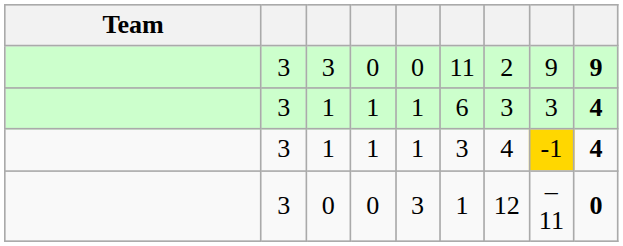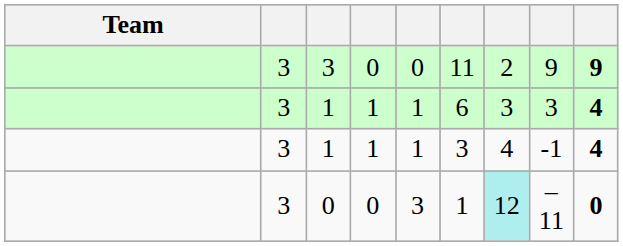 <table class="wikitable" style="text-align:center;">
 <tr>
 <th width=150>Team</th>
 <th width=20 abbr="Played"></th>
 <th width=20 abbr="Won"></th>
 <th width=20 abbr="Drawn"></th>
 <th width=20 abbr="Lost"></th>
 <th width=20 abbr="Goals for"></th>
 <th width=20 abbr="Goals against"></th>
 <th width=20 abbr="Goal difference"></th>
 <th width=20 abbr="Points"></th>
 </tr>
 <tr bgcolor="#ccffcc">
 <td align="left"></td>
 <td>3</td>
 <td>3</td>
 <td>0</td>
 <td>0</td>
 <td>11</td>
 <td>2</td>
 <td>9</td>
 <td><strong>9</strong></td>
 </tr>
 <tr bgcolor="#ccffcc">
 <td align="left"></td>
 <td>3</td>
 <td>1</td>
 <td>1</td>
 <td>1</td>
 <td>6</td>
 <td>3</td>
 <td>3</td>
 <td><strong>4</strong></td>
 </tr>
 <tr>
 <td align="left"></td>
 <td>3</td>
 <td>1</td>
 <td>1</td>
 <td>1</td>
 <td>3</td>
 <td>4</td>
-<td style="background: gold;">-1</td>
+<td>-1</td>
 <td><strong>4</strong></td>
 </tr>
 <tr>
 <td align="left"></td>
 <td>3</td>
 <td>0</td>
 <td>0</td>
 <td>3</td>
 <td>1</td>
-<td>12</td>
+<td style="background: paleturquoise;">12</td>
 <td>–11</td>
 <td><strong>0</strong></td>
 </tr>
 </table>
